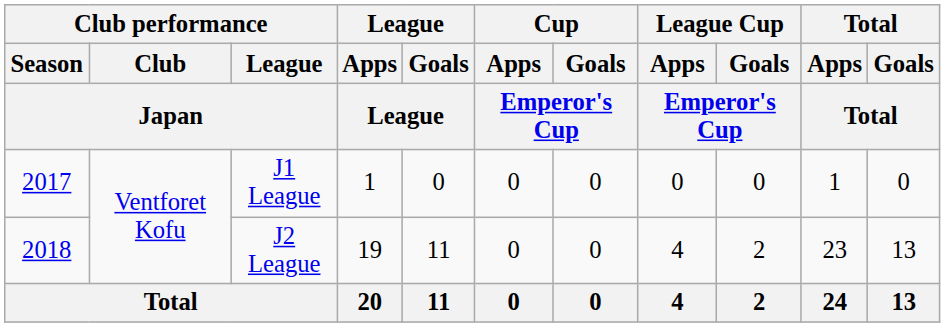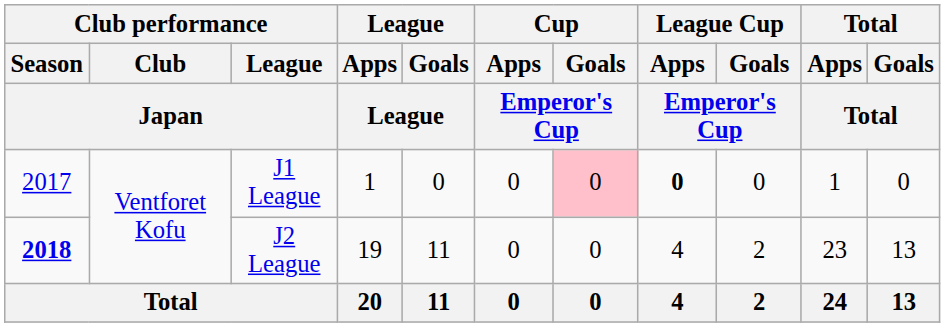 <table class="wikitable" style="text-align:center;">
 <tr>
 <th colspan=3>Club performance</th>
 <th colspan=2>League</th>
 <th colspan=2>Cup</th>
 <th colspan=2>League Cup</th>
 <th colspan=2>Total</th>
 </tr>
 <tr>
 <th>Season</th>
 <th>Club</th>
 <th>League</th>
 <th>Apps</th>
 <th>Goals</th>
 <th>Apps</th>
 <th>Goals</th>
 <th>Apps</th>
 <th>Goals</th>
 <th>Apps</th>
 <th>Goals</th>
 </tr>
 <tr>
 <th colspan=3>Japan</th>
 <th colspan=2>League</th>
 <th colspan=2><a href='#'>Emperor's Cup</a></th>
 <th colspan=2><a href='#'>Emperor's Cup</a></th>
 <th colspan=2>Total</th>
 </tr>
 <tr>
 <td><a href='#'>2017</a></td>
 <td rowspan="2"><a href='#'>Ventforet Kofu</a></td>
 <td><a href='#'>J1 League</a></td>
 <td>1</td>
 <td>0</td>
 <td>0</td>
-<td>0</td>
-<td>0</td>
+<td style="background: pink;">0</td>
+<td><strong>0</strong></td>
 <td>0</td>
 <td>1</td>
 <td>0</td>
 </tr>
 <tr>
-<td><a href='#'>2018</a></td>
+<td><strong><a href='#'>2018</a></strong></td>
 <td><a href='#'>J2 League</a></td>
 <td>19</td>
 <td>11</td>
 <td>0</td>
 <td>0</td>
 <td>4</td>
 <td>2</td>
 <td>23</td>
 <td>13</td>
 </tr>
 <tr>
 <th colspan=3>Total</th>
 <th>20</th>
 <th>11</th>
 <th>0</th>
 <th>0</th>
 <th>4</th>
 <th>2</th>
 <th>24</th>
 <th>13</th>
 </tr>
 </table>
